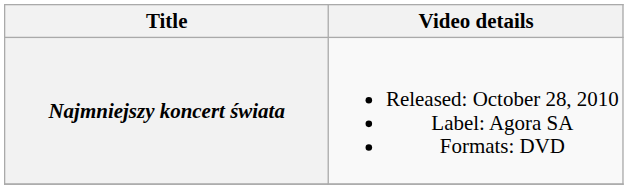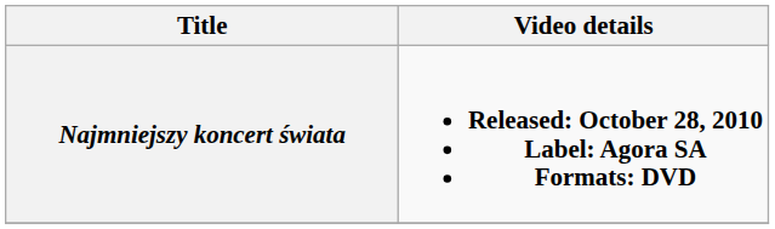 <table class="wikitable plainrowheaders" style="text-align:center;">
 <tr>
 <th scope="col" style="width:15em;">Title</th>
 <th scope="col">Video details</th>
 </tr>
 <tr>
 <th scope="row"><em>Najmniejszy koncert świata</em></th>
-<td><br><ul><li>Released: October 28, 2010</li><li>Label: Agora SA</li><li>Formats: DVD</li></ul></td>
+<td><strong><br><ul><li>Released: October 28, 2010</li><li>Label: Agora SA</li><li>Formats: DVD</li></ul></strong></td>
 </tr>
 <tr>
 </tr>
 </table>
